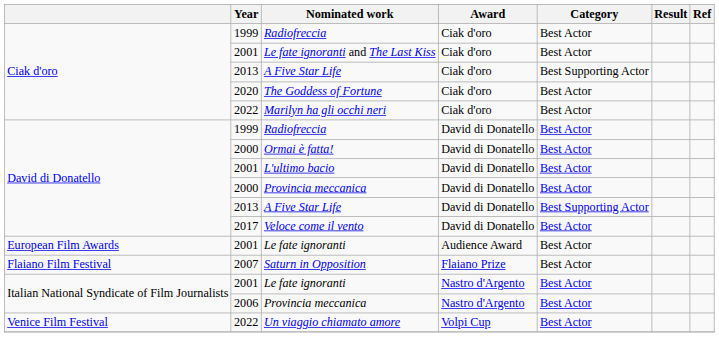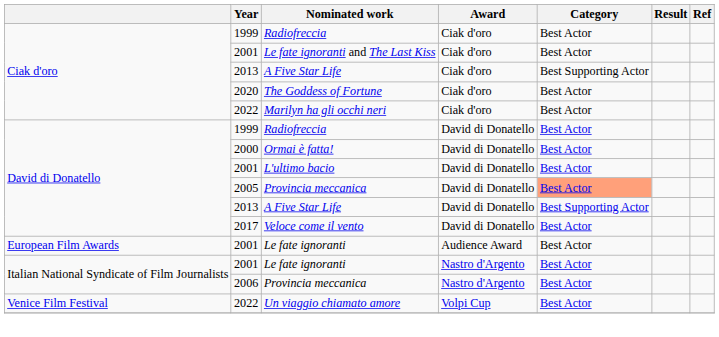 <table class="wikitable ">
 <tr>
 <th></th>
 <th>Year</th>
 <th>Nominated work</th>
 <th>Award</th>
 <th>Category</th>
 <th>Result</th>
 <th>Ref</th>
 </tr>
 <tr>
 <td rowspan="5"><a href='#'>Ciak d'oro</a></td>
 <td>1999</td>
 <td><em><a href='#'>Radiofreccia</a></em></td>
 <td>Ciak d'oro</td>
 <td>Best Actor</td>
 <td></td>
 <td></td>
 </tr>
 <tr>
 <td>2001</td>
 <td><em><a href='#'>Le fate ignoranti</a></em> and <em><a href='#'>The Last Kiss</a></em></td>
 <td>Ciak d'oro</td>
 <td>Best Actor</td>
 <td></td>
 <td></td>
 </tr>
 <tr>
 <td>2013</td>
 <td><em><a href='#'>A Five Star Life</a></em></td>
 <td>Ciak d'oro</td>
 <td>Best Supporting Actor</td>
 <td></td>
 <td></td>
 </tr>
 <tr>
 <td>2020</td>
 <td><em><a href='#'>The Goddess of Fortune</a></em></td>
 <td>Ciak d'oro</td>
 <td>Best Actor</td>
 <td></td>
 <td></td>
 </tr>
 <tr>
 <td>2022</td>
 <td><em><a href='#'>Marilyn ha gli occhi neri</a></em></td>
 <td>Ciak d'oro</td>
 <td>Best Actor</td>
 <td></td>
 <td></td>
 </tr>
 <tr>
 <td rowspan="6"><a href='#'>David di Donatello</a></td>
 <td>1999</td>
 <td><em><a href='#'>Radiofreccia</a></em></td>
 <td>David di Donatello</td>
 <td><a href='#'>Best Actor</a></td>
 <td></td>
 <td></td>
 </tr>
 <tr>
 <td>2000</td>
 <td><em><a href='#'>Ormai è fatta!</a></em></td>
 <td>David di Donatello</td>
 <td><a href='#'>Best Actor</a></td>
 <td></td>
 <td></td>
 </tr>
 <tr>
 <td>2001</td>
 <td><em><a href='#'>L'ultimo bacio</a></em></td>
 <td>David di Donatello</td>
 <td><a href='#'>Best Actor</a></td>
 <td></td>
 <td></td>
 </tr>
 <tr>
-<td>2000</td>
+<td>2005</td>
 <td><em><a href='#'>Provincia meccanica</a></em></td>
 <td>David di Donatello</td>
-<td><a href='#'>Best Actor</a></td>
+<td style="background: lightsalmon;"><a href='#'>Best Actor</a></td>
 <td></td>
 <td></td>
 </tr>
 <tr>
 <td>2013</td>
 <td><em><a href='#'>A Five Star Life</a></em></td>
 <td>David di Donatello</td>
 <td><a href='#'>Best Supporting Actor</a></td>
 <td></td>
 <td></td>
 </tr>
 <tr>
 <td>2017</td>
 <td><em><a href='#'>Veloce come il vento</a></em></td>
 <td>David di Donatello</td>
 <td><a href='#'>Best Actor</a></td>
 <td></td>
 <td></td>
 </tr>
 <tr>
 <td><a href='#'>European Film Awards</a></td>
 <td>2001</td>
 <td><em>Le fate ignoranti</em></td>
 <td>Audience Award</td>
-<td>Best Actor</td>
-<td></td>
-<td></td>
-</tr>
-<tr>
-<td><a href='#'>Flaiano Film Festival</a></td>
-<td>2007</td>
-<td><em><a href='#'>Saturn in Opposition</a></em></td>
-<td><a href='#'>Flaiano Prize</a></td>
 <td>Best Actor</td>
 <td></td>
 <td></td>
 </tr>
 <tr>
 <td rowspan="2">Italian National Syndicate of Film Journalists</td>
 <td>2001</td>
 <td><em>Le fate ignoranti</em></td>
 <td><a href='#'>Nastro d'Argento</a></td>
 <td><a href='#'>Best Actor</a></td>
 <td></td>
 <td></td>
 </tr>
 <tr>
 <td>2006</td>
 <td><em>Provincia meccanica</em></td>
 <td><a href='#'>Nastro d'Argento</a></td>
 <td><a href='#'>Best Actor</a></td>
 <td></td>
 <td></td>
 </tr>
 <tr>
 <td><a href='#'>Venice Film Festival</a></td>
 <td>2022</td>
 <td><em><a href='#'>Un viaggio chiamato amore</a></em></td>
 <td><a href='#'>Volpi Cup</a></td>
 <td><a href='#'>Best Actor</a></td>
 <td></td>
 <td></td>
 </tr>
 <tr>
 </tr>
 </table>
